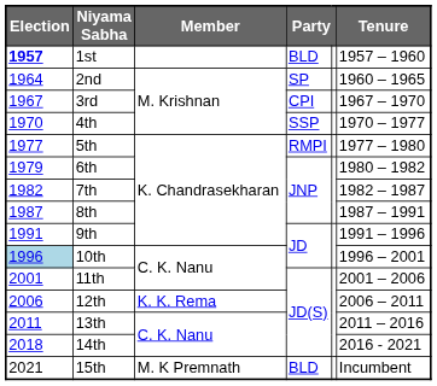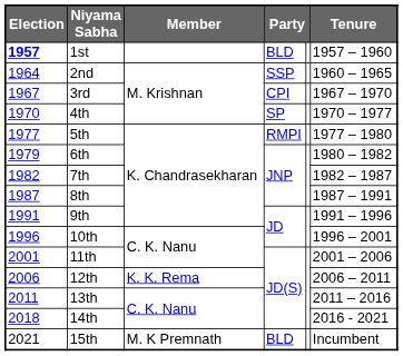 <table class="sortable" width="50%" cellpadding="2" cellspacing="0" border="1" style="border-collapse: collapse; border: 2px #000000 solid; font-size: x-big;">
 <tr>
 <th style="background-color:#666666; color:white">Election</th>
 <th style="background-color:#666666; color:white">Niyama<br>Sabha</th>
 <th style="background-color:#666666; color:white">Member</th>
 <th colspan="2" style="background-color:#666666; color:white">Party</th>
 <th style="background-color:#666666; color:white">Tenure</th>
 </tr>
 <tr>
 <td><strong><a href='#'>1957</a></strong></td>
 <td>1st</td>
 <td></td>
 <td><a href='#'>BLD</a></td>
 <td style="background-color: "></td>
 <td>1957 – 1960</td>
 </tr>
 <tr>
 <td><a href='#'>1964</a></td>
 <td>2nd</td>
 <td rowspan="3">M. Krishnan</td>
-<td><a href='#'>SP</a></td>
+<td><a href='#'>SSP</a></td>
 <td style="background-color: "></td>
 <td>1960 – 1965</td>
 </tr>
 <tr>
 <td><a href='#'>1967</a></td>
 <td>3rd</td>
 <td><a href='#'>CPI</a></td>
 <td style="background-color: "></td>
 <td>1967 – 1970</td>
 </tr>
 <tr>
 <td><a href='#'>1970</a></td>
 <td>4th</td>
-<td><a href='#'>SSP</a></td>
+<td><a href='#'>SP</a></td>
 <td style="background-color: "></td>
 <td>1970 – 1977</td>
 </tr>
 <tr>
 <td><a href='#'>1977</a></td>
 <td>5th</td>
 <td rowspan="5">K. Chandrasekharan</td>
 <td><a href='#'>RMPI</a></td>
 <td style="background-color: "></td>
 <td>1977 – 1980</td>
 </tr>
 <tr>
 <td><a href='#'>1979</a></td>
 <td>6th</td>
 <td rowspan="3"><a href='#'>JNP</a></td>
 <td rowspan="3" style="background-color: "></td>
 <td>1980 – 1982</td>
 </tr>
 <tr>
 <td><a href='#'>1982</a></td>
 <td>7th</td>
 <td>1982 – 1987</td>
 </tr>
 <tr>
 <td><a href='#'>1987</a></td>
 <td>8th</td>
 <td>1987 – 1991</td>
 </tr>
 <tr>
 <td><a href='#'>1991</a></td>
 <td>9th</td>
 <td rowspan="2"><a href='#'>JD</a></td>
 <td rowspan="2" style="background-color: "></td>
 <td>1991 – 1996</td>
 </tr>
 <tr>
-<td style="background: lightblue;"><a href='#'>1996</a></td>
+<td><a href='#'>1996</a></td>
 <td>10th</td>
 <td rowspan="2">C. K. Nanu</td>
 <td>1996 – 2001</td>
 </tr>
 <tr>
 <td><a href='#'>2001</a></td>
 <td>11th</td>
 <td rowspan="4"><a href='#'>JD(S)</a></td>
 <td rowspan="4" style="background-color: "></td>
 <td>2001 – 2006</td>
 </tr>
 <tr>
 <td><a href='#'>2006</a></td>
 <td>12th</td>
 <td><a href='#'>K. K. Rema</a></td>
 <td>2006 – 2011</td>
 </tr>
 <tr>
 <td><a href='#'>2011</a></td>
 <td>13th</td>
 <td rowspan="2"><a href='#'>C. K. Nanu</a></td>
 <td>2011 – 2016</td>
 </tr>
 <tr>
 <td><a href='#'>2018</a></td>
 <td>14th</td>
 <td>2016 - 2021</td>
 </tr>
 <tr>
 <td>2021</td>
 <td>15th</td>
 <td>M. K Premnath</td>
 <td><a href='#'>BLD</a></td>
 <td style="background-color: "></td>
 <td>Incumbent</td>
 </tr>
 </table>
